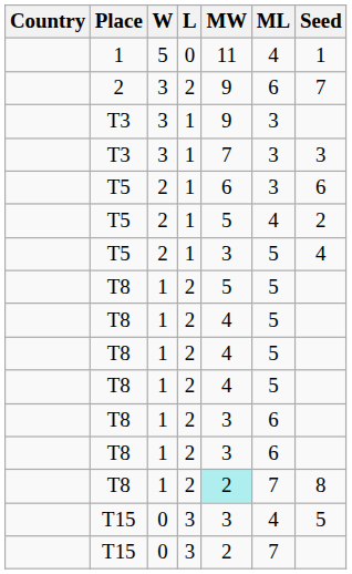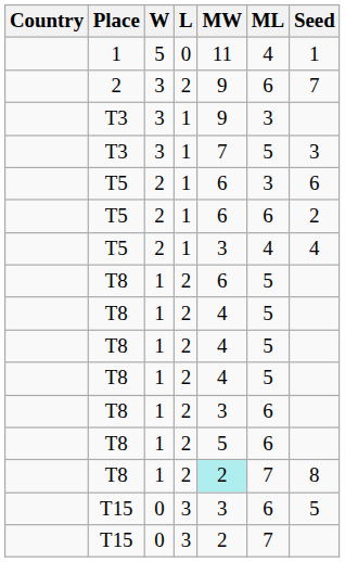 <table class="wikitable sortable" style="text-align:center">
 <tr>
 <th>Country</th>
 <th>Place</th>
 <th>W</th>
 <th>L</th>
 <th>MW</th>
 <th>ML</th>
 <th>Seed</th>
 </tr>
 <tr>
 <td align=left></td>
 <td>1</td>
 <td>5</td>
 <td>0</td>
 <td>11</td>
 <td>4</td>
 <td>1</td>
 </tr>
 <tr>
 <td align=left></td>
 <td>2</td>
 <td>3</td>
 <td>2</td>
 <td>9</td>
 <td>6</td>
 <td>7</td>
 </tr>
 <tr>
 <td align=left></td>
 <td>T3</td>
 <td>3</td>
 <td>1</td>
 <td>9</td>
 <td>3</td>
 <td></td>
 </tr>
 <tr>
 <td align=left></td>
 <td>T3</td>
 <td>3</td>
 <td>1</td>
 <td>7</td>
-<td>3</td>
+<td>5</td>
 <td>3</td>
 </tr>
 <tr>
 <td align=left></td>
 <td>T5</td>
 <td>2</td>
 <td>1</td>
 <td>6</td>
 <td>3</td>
 <td>6</td>
 </tr>
 <tr>
 <td align=left></td>
 <td>T5</td>
 <td>2</td>
 <td>1</td>
-<td>5</td>
-<td>4</td>
+<td>6</td>
+<td>6</td>
 <td>2</td>
 </tr>
 <tr>
 <td align=left></td>
 <td>T5</td>
 <td>2</td>
 <td>1</td>
 <td>3</td>
-<td>5</td>
+<td>4</td>
 <td>4</td>
 </tr>
 <tr>
 <td align=left></td>
 <td>T8</td>
 <td>1</td>
 <td>2</td>
-<td>5</td>
+<td>6</td>
 <td>5</td>
 <td></td>
 </tr>
 <tr>
 <td align=left></td>
 <td>T8</td>
 <td>1</td>
 <td>2</td>
 <td>4</td>
 <td>5</td>
 <td></td>
 </tr>
 <tr>
 <td align=left></td>
 <td>T8</td>
 <td>1</td>
 <td>2</td>
 <td>4</td>
 <td>5</td>
 <td></td>
 </tr>
 <tr>
 <td align=left></td>
 <td>T8</td>
 <td>1</td>
 <td>2</td>
 <td>4</td>
 <td>5</td>
 <td></td>
 </tr>
 <tr>
 <td align=left></td>
 <td>T8</td>
 <td>1</td>
 <td>2</td>
 <td>3</td>
 <td>6</td>
 <td></td>
 </tr>
 <tr>
 <td align=left></td>
 <td>T8</td>
 <td>1</td>
 <td>2</td>
-<td>3</td>
+<td>5</td>
 <td>6</td>
 <td></td>
 </tr>
 <tr>
 <td align=left></td>
 <td>T8</td>
 <td>1</td>
 <td>2</td>
 <td style="background: paleturquoise;">2</td>
 <td>7</td>
 <td>8</td>
 </tr>
 <tr>
 <td align=left></td>
 <td>T15</td>
 <td>0</td>
 <td>3</td>
 <td>3</td>
-<td>4</td>
+<td>6</td>
 <td>5</td>
 </tr>
 <tr>
 <td align=left></td>
 <td>T15</td>
 <td>0</td>
 <td>3</td>
 <td>2</td>
 <td>7</td>
 <td></td>
 </tr>
 </table>
